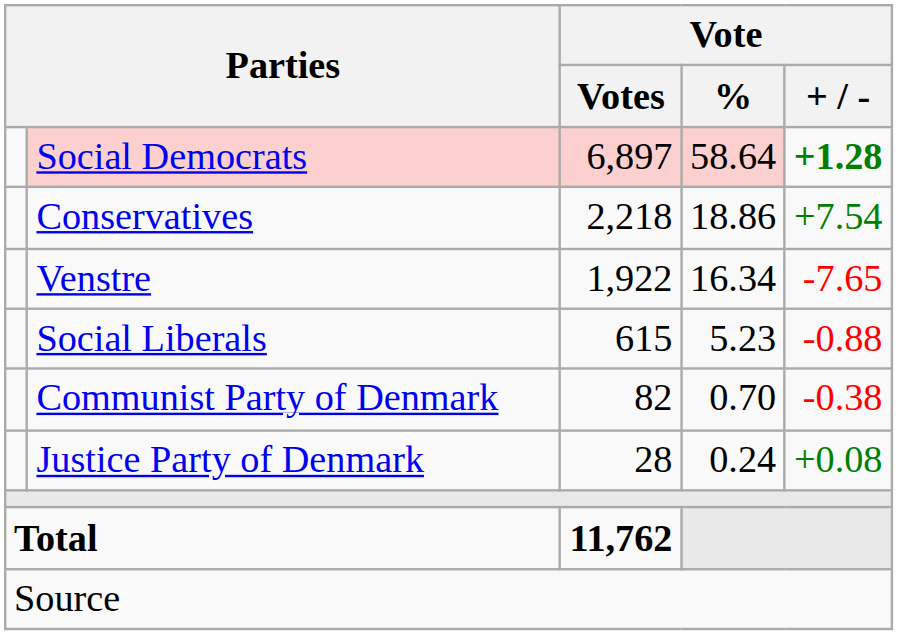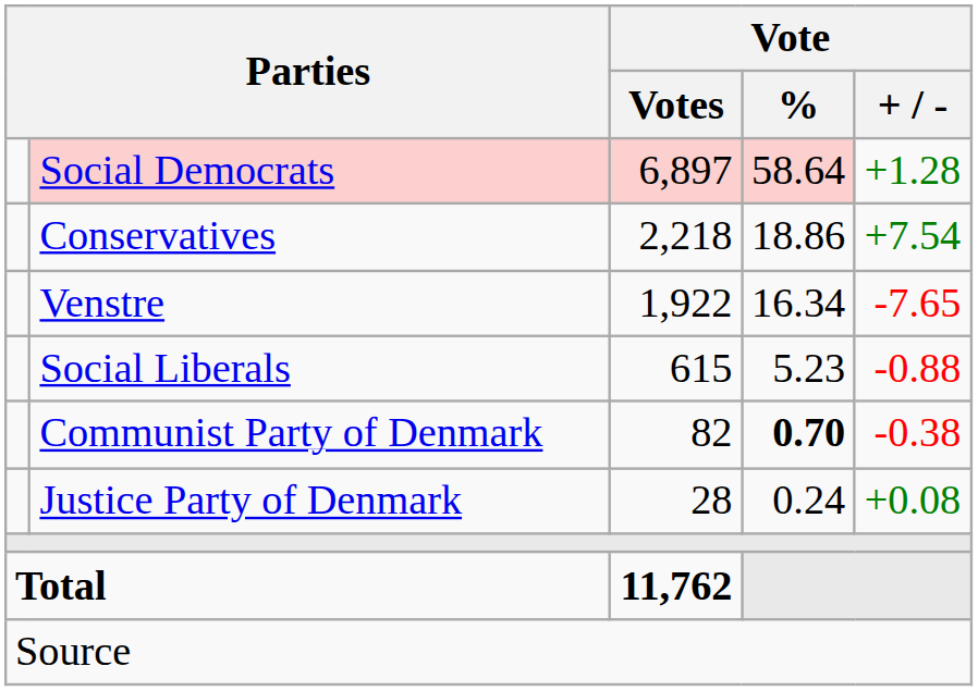 <table class="wikitable" style="text-align:right;">
 <tr>
 <th style="text-align:centre;" rowspan="2" colspan="2" width="225">Parties</th>
 <th colspan="3">Vote</th>
 </tr>
 <tr>
 <th width="15">Votes</th>
 <th width="15">%</th>
 <th width="15">+ / -</th>
 </tr>
 <tr>
 <td width="2" style="color:inherit;background:"></td>
 <td bgcolor=#fbd0ce  align="left"><a href='#'>Social Democrats</a></td>
 <td bgcolor=#fbd0ce>6,897</td>
 <td bgcolor=#fbd0ce>58.64</td>
-<td style=color:green;><strong>+1.28</strong></td>
+<td style=color:green;>+1.28</td>
 </tr>
 <tr>
 <td width="2" style="color:inherit;background:"></td>
 <td align="left"><a href='#'>Conservatives</a></td>
 <td>2,218</td>
 <td>18.86</td>
 <td style=color:green;>+7.54</td>
 </tr>
 <tr>
 <td width="2" style="color:inherit;background:"></td>
 <td align="left"><a href='#'>Venstre</a></td>
 <td>1,922</td>
 <td>16.34</td>
 <td style=color:red;>-7.65</td>
 </tr>
 <tr>
 <td width="2" style="color:inherit;background:"></td>
 <td align="left"><a href='#'>Social Liberals</a></td>
 <td>615</td>
 <td>5.23</td>
 <td style=color:red;>-0.88</td>
 </tr>
 <tr>
 <td width="2" style="color:inherit;background:"></td>
 <td align="left"><a href='#'>Communist Party of Denmark</a></td>
 <td>82</td>
-<td>0.70</td>
+<td><strong>0.70</strong></td>
 <td style=color:red;>-0.38</td>
 </tr>
 <tr>
 <td width="2" style="color:inherit;background:"></td>
 <td align="left"><a href='#'>Justice Party of Denmark</a></td>
 <td>28</td>
 <td>0.24</td>
 <td style=color:green;>+0.08</td>
 </tr>
 <tr>
 <td colspan="7" bgcolor="#E9E9E9"></td>
 </tr>
 <tr>
 <td align="left" colspan="2"><strong>Total</strong></td>
 <td><strong>11,762</strong></td>
 <td bgcolor="#E9E9E9" colspan="2"></td>
 </tr>
 <tr>
 <td align="left" colspan="6">Source</td>
 </tr>
 </table>
